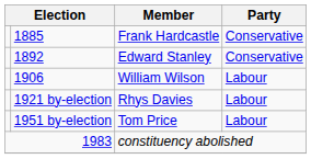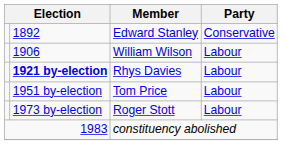 <table class="wikitable">
 <tr>
 <th colspan="2">Election</th>
 <th>Member</th>
 <th>Party</th>
-</tr>
-<tr>
-<td style="color:inherit;background-color: "></td>
-<td><a href='#'>1885</a></td>
-<td><a href='#'>Frank Hardcastle</a></td>
-<td><a href='#'>Conservative</a></td>
 </tr>
 <tr>
 <td style="color:inherit;background-color: "></td>
 <td><a href='#'>1892</a></td>
 <td><a href='#'>Edward Stanley</a></td>
 <td><a href='#'>Conservative</a></td>
 </tr>
 <tr>
 <td style="color:inherit;background-color: "></td>
 <td><a href='#'>1906</a></td>
 <td><a href='#'>William Wilson</a></td>
 <td><a href='#'>Labour</a></td>
 </tr>
 <tr>
 <td style="color:inherit;background-color: "></td>
-<td><a href='#'>1921 by-election</a></td>
+<td><strong><a href='#'>1921 by-election</a></strong></td>
 <td><a href='#'>Rhys Davies</a></td>
 <td><a href='#'>Labour</a></td>
 </tr>
 <tr>
 <td style="color:inherit;background-color: "></td>
 <td><a href='#'>1951 by-election</a></td>
 <td><a href='#'>Tom Price</a></td>
 <td><a href='#'>Labour</a></td>
 </tr>
 <tr>
+<td style="color:inherit;background-color: "></td>
+<td><a href='#'>1973 by-election</a></td>
+<td><a href='#'>Roger Stott</a></td>
+<td><a href='#'>Labour</a></td>
+</tr>
+<tr>
 <td colspan=2 align="right"><a href='#'>1983</a></td>
 <td colspan="2"><em>constituency abolished</em></td>
 </tr>
 <tr>
 </tr>
 </table>
